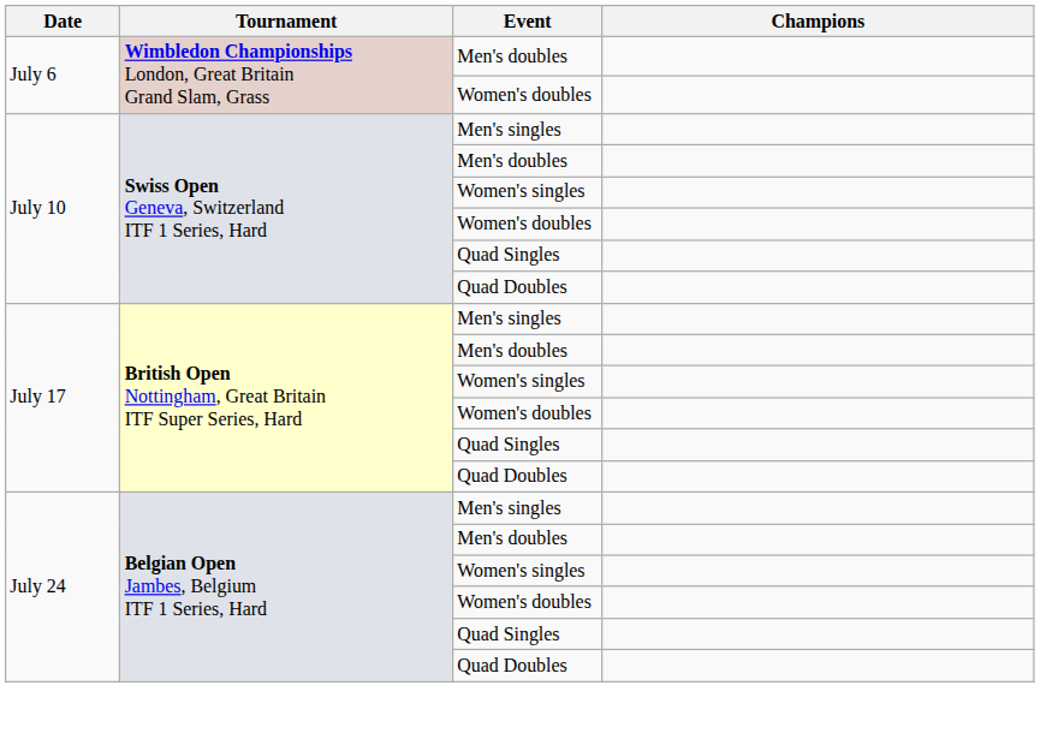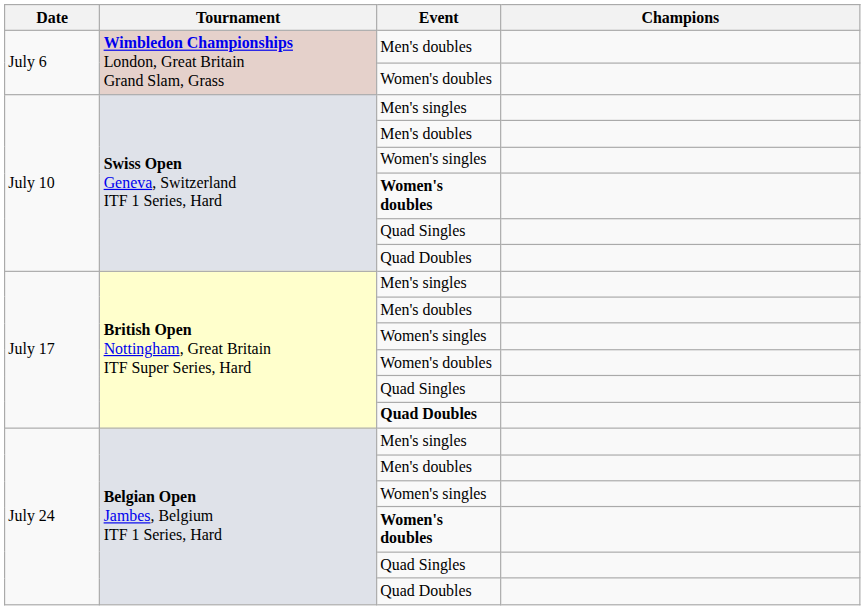 <table class=wikitable style=font-size:85%>
 <tr>
 <th width=75>Date</th>
 <th width=230>Tournament</th>
 <th width=100>Event</th>
 <th width=300>Champions</th>
 </tr>
 <tr>
 <td rowspan=2>July 6</td>
 <td bgcolor=#e5d1cb rowspan=2><strong><a href='#'>Wimbledon Championships</a></strong><br> London, Great Britain<br>Grand Slam, Grass</td>
 <td>Men's doubles</td>
 <td><br></td>
 </tr>
 <tr>
 <td>Women's doubles</td>
 <td><br></td>
 </tr>
 <tr>
 <td rowspan=6>July 10</td>
 <td bgcolor=#dfe2e9 rowspan=6><strong>Swiss Open</strong><br> <a href='#'>Geneva</a>, Switzerland<br>ITF 1 Series, Hard</td>
 <td>Men's singles</td>
 <td></td>
 </tr>
 <tr>
 <td>Men's doubles</td>
 <td><br></td>
 </tr>
 <tr>
 <td>Women's singles</td>
 <td></td>
 </tr>
 <tr>
-<td>Women's doubles</td>
+<td><strong>Women's doubles</strong></td>
 <td><br></td>
 </tr>
 <tr>
 <td>Quad Singles</td>
 <td></td>
 </tr>
 <tr>
 <td>Quad Doubles</td>
 <td><br></td>
 </tr>
 <tr>
 <td rowspan=6>July 17</td>
 <td bgcolor=#ffffcc rowspan=6><strong>British Open</strong><br> <a href='#'>Nottingham</a>, Great Britain<br>ITF Super Series, Hard</td>
 <td>Men's singles</td>
 <td></td>
 </tr>
 <tr>
 <td>Men's doubles</td>
 <td><br></td>
 </tr>
 <tr>
 <td>Women's singles</td>
 <td></td>
 </tr>
 <tr>
 <td>Women's doubles</td>
 <td><br></td>
 </tr>
 <tr>
 <td>Quad Singles</td>
 <td></td>
 </tr>
 <tr>
-<td>Quad Doubles</td>
+<td><strong>Quad Doubles</strong></td>
 <td><br></td>
 </tr>
 <tr>
 <td rowspan=6>July 24</td>
 <td bgcolor=#dfe2e9 rowspan=6><strong>Belgian Open</strong><br> <a href='#'>Jambes</a>, Belgium<br>ITF 1 Series, Hard</td>
 <td>Men's singles</td>
 <td></td>
 </tr>
 <tr>
 <td>Men's doubles</td>
 <td><br></td>
 </tr>
 <tr>
 <td>Women's singles</td>
 <td></td>
 </tr>
 <tr>
-<td>Women's doubles</td>
+<td><strong>Women's doubles</strong></td>
 <td><br></td>
 </tr>
 <tr>
 <td>Quad Singles</td>
 <td></td>
 </tr>
 <tr>
 <td>Quad Doubles</td>
 <td><br></td>
 </tr>
 </table>
